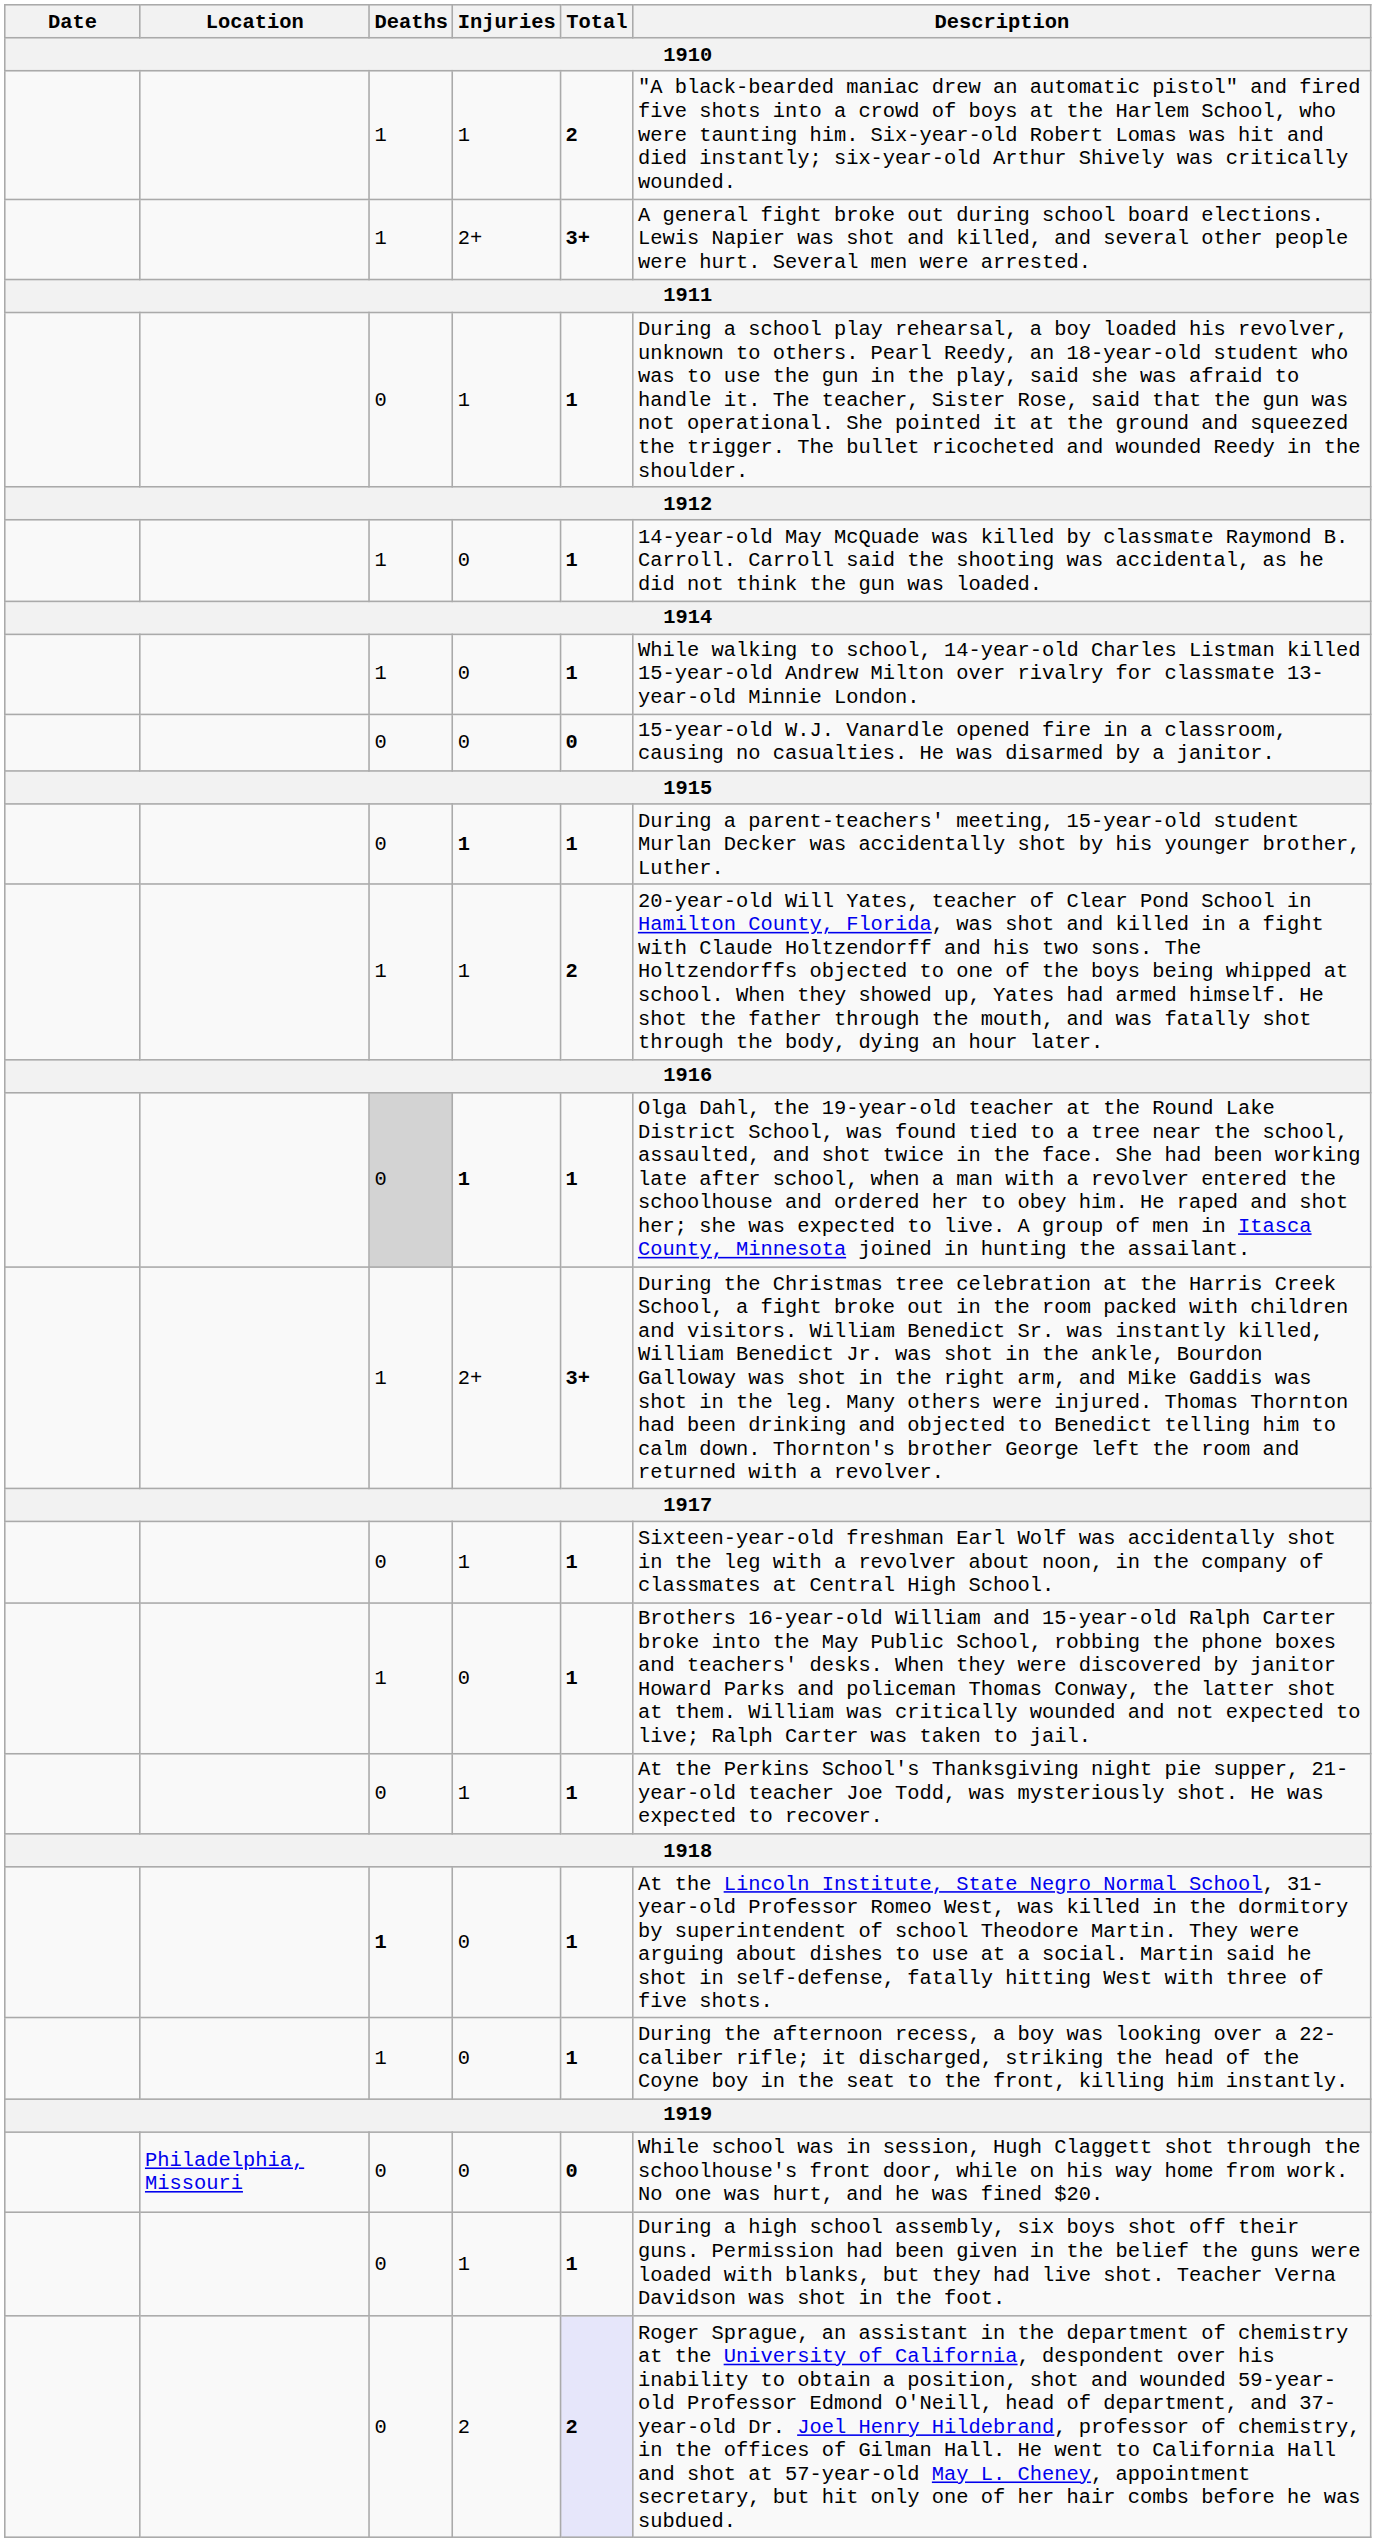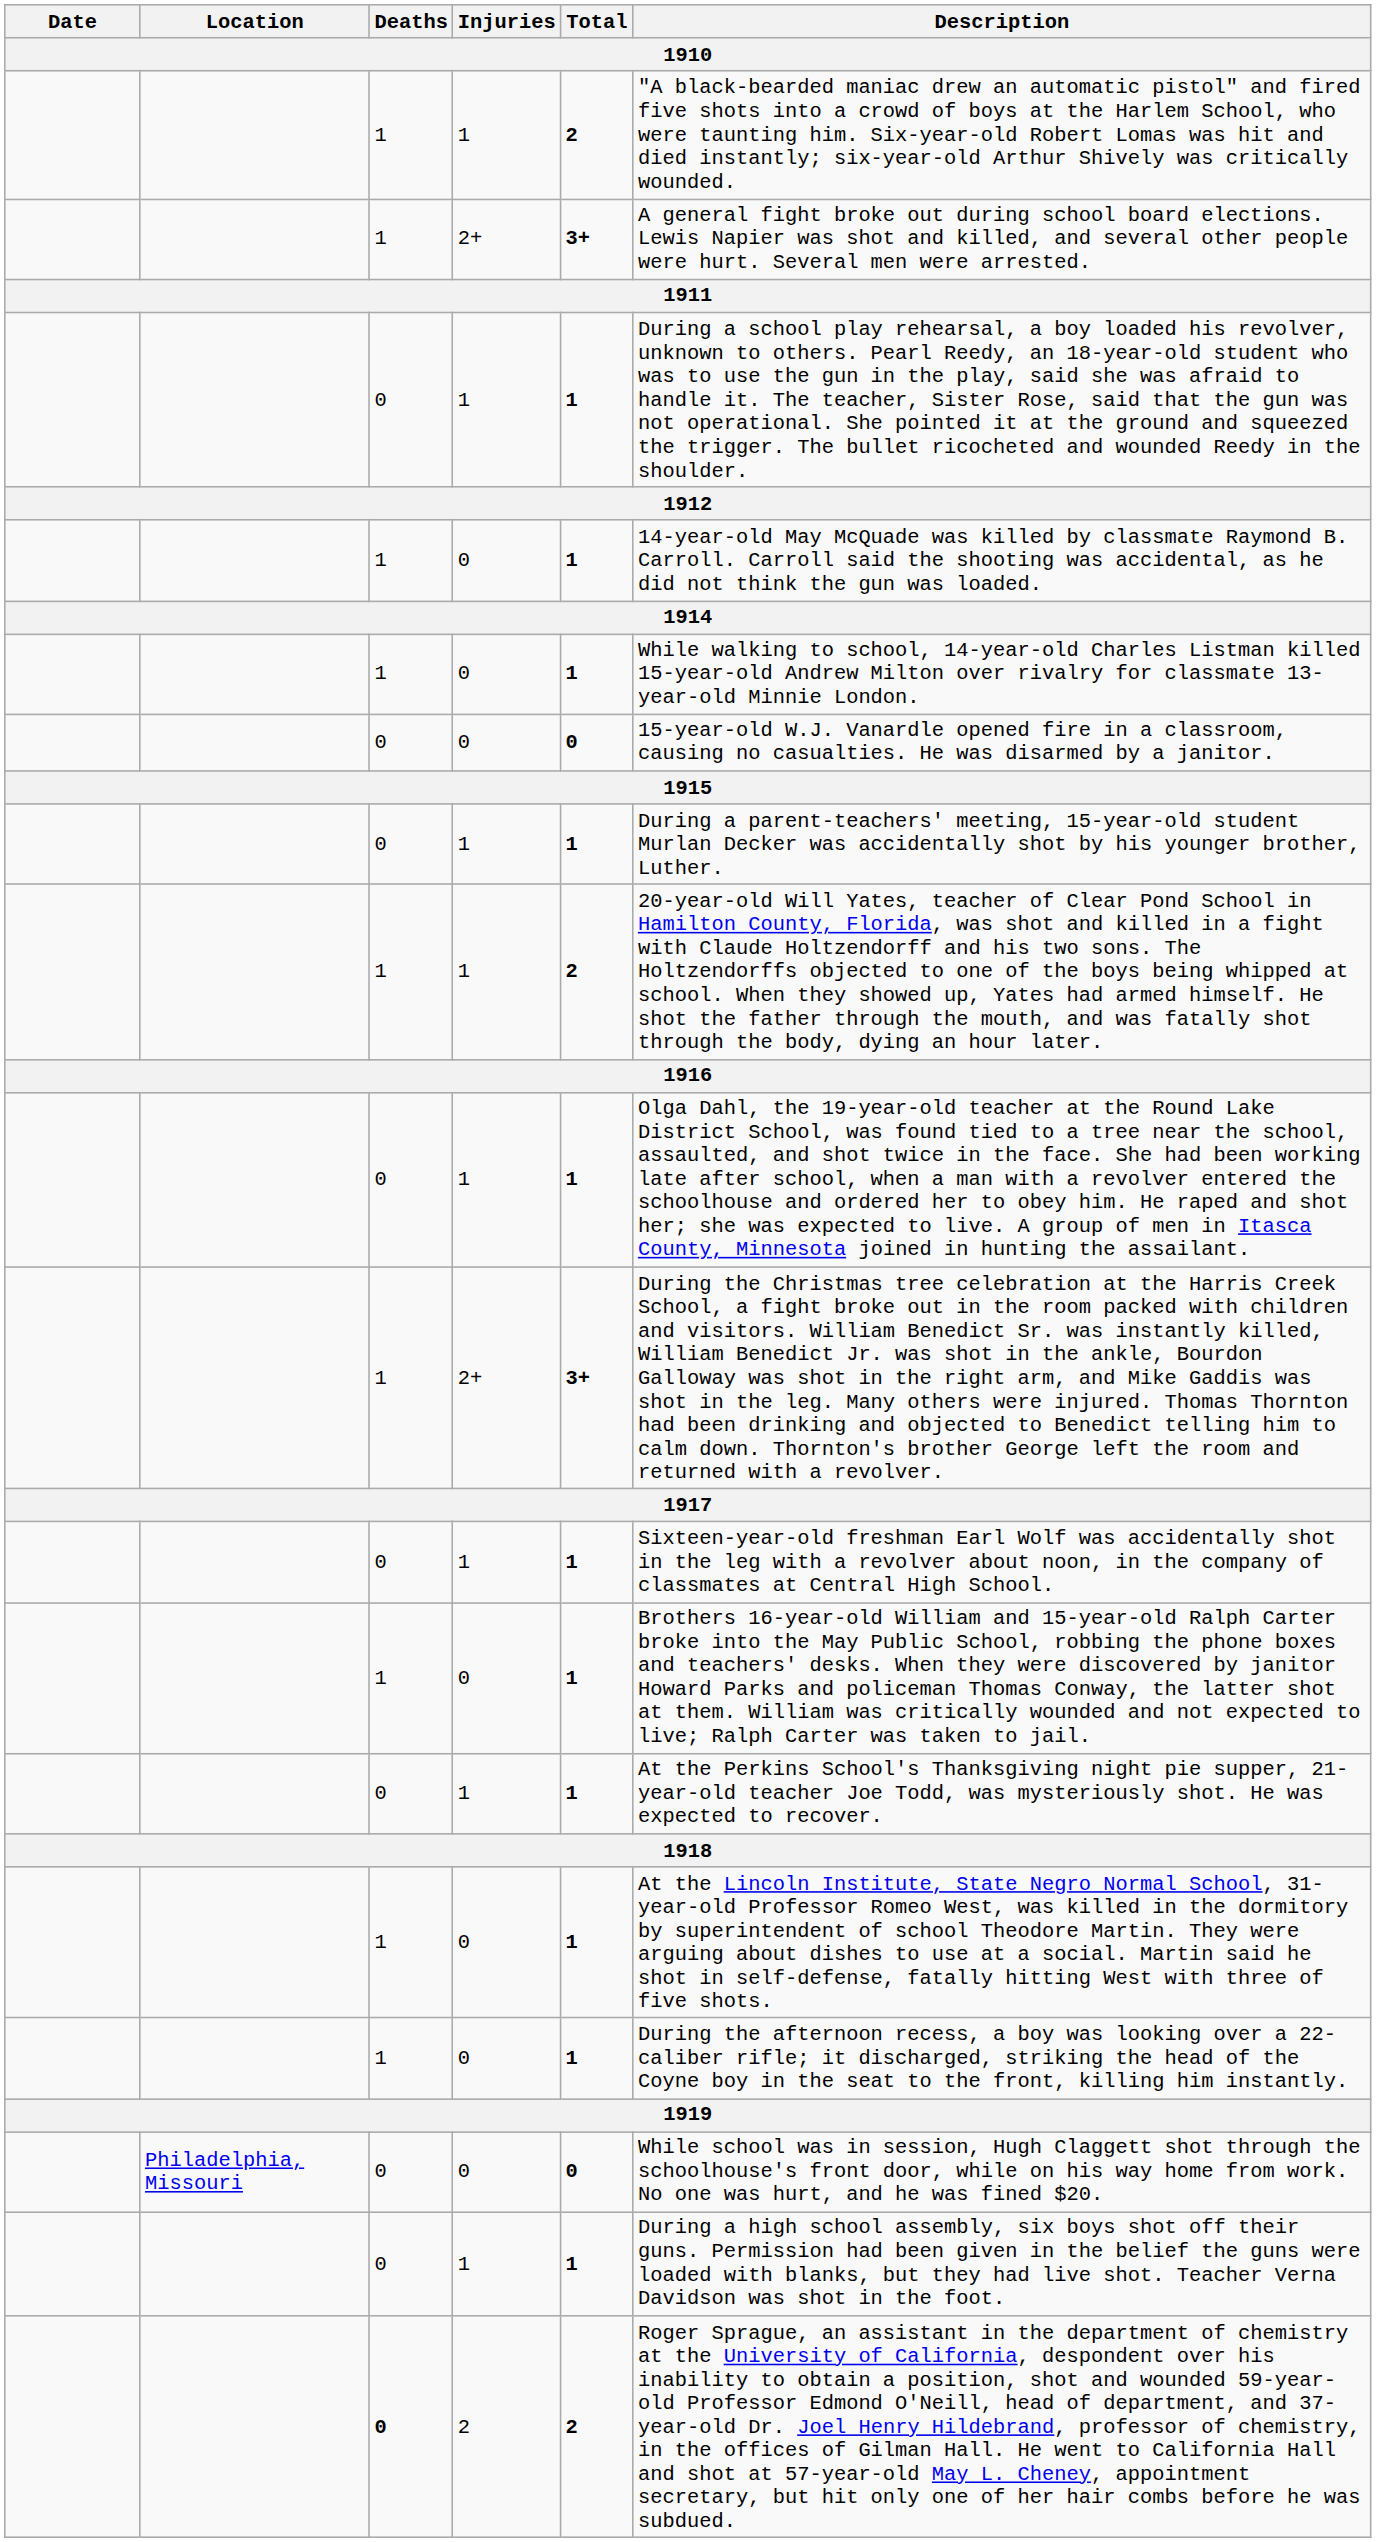 <table class="sortable wikitable" style="font-size:100%;" id="1910s">
 <tr>
 <th style="width:80px;">Date</th>
 <th style="width:140px;">Location</th>
 <th style="width:40px;">Deaths</th>
 <th style="width:40px;">Injuries</th>
 <th style="width:40px;">Total</th>
 <th class="unsortable">Description</th>
 </tr>
 <tr>
 <th colspan="6">1910 </th>
 </tr>
 <tr>
 <td></td>
 <td></td>
 <td>1</td>
 <td>1</td>
 <td><strong>2</strong></td>
 <td>"A black-bearded maniac drew an automatic pistol" and fired five shots into a crowd of boys at the Harlem School, who were taunting him. Six-year-old Robert Lomas was hit and died instantly; six-year-old Arthur Shively was critically wounded.</td>
 </tr>
 <tr>
 <td></td>
 <td></td>
 <td>1</td>
 <td data-sort-value="2">2+</td>
 <td><strong>3+</strong></td>
 <td>A general fight broke out during school board elections. Lewis Napier was shot and killed, and several other people were hurt. Several men were arrested.</td>
 </tr>
 <tr>
 <th colspan="6">1911 </th>
 </tr>
 <tr>
 <td></td>
 <td></td>
 <td>0</td>
 <td>1</td>
 <td><strong>1</strong></td>
 <td>During a school play rehearsal, a boy loaded his revolver, unknown to others. Pearl Reedy, an 18-year-old student who was to use the gun in the play, said she was afraid to handle it. The teacher, Sister Rose, said that the gun was not operational. She pointed it at the ground and squeezed the trigger. The bullet ricocheted and wounded Reedy in the shoulder.</td>
 </tr>
 <tr>
 <th colspan="6">1912 </th>
 </tr>
 <tr>
 <td></td>
 <td></td>
 <td>1</td>
 <td>0</td>
 <td><strong>1</strong></td>
 <td>14-year-old May McQuade was killed by classmate Raymond B. Carroll. Carroll said the shooting was accidental, as he did not think the gun was loaded.</td>
 </tr>
 <tr>
 <th colspan="6">1914 </th>
 </tr>
 <tr>
 <td></td>
 <td></td>
 <td>1</td>
 <td>0</td>
 <td><strong>1</strong></td>
 <td>While walking to school, 14-year-old Charles Listman killed 15-year-old Andrew Milton over rivalry for classmate 13-year-old Minnie London.</td>
 </tr>
 <tr>
 <td></td>
 <td></td>
 <td>0</td>
 <td>0</td>
 <td><strong>0</strong></td>
 <td>15-year-old W.J. Vanardle opened fire in a classroom, causing no casualties. He was disarmed by a janitor.</td>
 </tr>
 <tr>
 <th colspan="6">1915 </th>
 </tr>
 <tr>
 <td></td>
 <td></td>
 <td>0</td>
-<td><strong>1</strong></td>
+<td>1</td>
 <td><strong>1</strong></td>
 <td>During a parent-teachers' meeting, 15-year-old student Murlan Decker was accidentally shot by his younger brother, Luther.</td>
 </tr>
 <tr>
 <td></td>
 <td></td>
 <td>1</td>
 <td>1</td>
 <td><strong>2</strong></td>
 <td>20-year-old Will Yates, teacher of Clear Pond School in <a href='#'>Hamilton County, Florida</a>, was shot and killed in a fight with Claude Holtzendorff and his two sons. The Holtzendorffs objected to one of the boys being whipped at school. When they showed up, Yates had armed himself. He shot the father through the mouth, and was fatally shot through the body, dying an hour later.</td>
 </tr>
 <tr>
 <th colspan="6">1916 </th>
 </tr>
 <tr>
 <td></td>
 <td></td>
-<td style="background: lightgrey;">0</td>
-<td><strong>1</strong></td>
+<td>0</td>
+<td>1</td>
 <td><strong>1</strong></td>
 <td>Olga Dahl, the 19-year-old teacher at the Round Lake District School, was found tied to a tree near the school, assaulted, and shot twice in the face. She had been working late after school, when a man with a revolver entered the schoolhouse and ordered her to obey him. He raped and shot her; she was expected to live. A group of men in <a href='#'>Itasca County, Minnesota</a> joined in hunting the assailant.</td>
 </tr>
 <tr>
 <td></td>
 <td></td>
 <td>1</td>
 <td data-sort-value="2">2+</td>
 <td><strong>3+</strong></td>
 <td>During the Christmas tree celebration at the Harris Creek School, a fight broke out in the room packed with children and visitors. William Benedict Sr. was instantly killed, William Benedict Jr. was shot in the ankle, Bourdon Galloway was shot in the right arm, and Mike Gaddis was shot in the leg. Many others were injured. Thomas Thornton had been drinking and objected to Benedict telling him to calm down. Thornton's brother George left the room and returned with a revolver.</td>
 </tr>
 <tr>
 <th colspan="6">1917 </th>
 </tr>
 <tr>
 <td></td>
 <td></td>
 <td>0</td>
 <td>1</td>
 <td><strong>1</strong></td>
 <td>Sixteen-year-old freshman Earl Wolf was accidentally shot in the leg with a revolver about noon, in the company of classmates at Central High School.</td>
 </tr>
 <tr>
 <td></td>
 <td></td>
 <td>1</td>
 <td>0</td>
 <td><strong>1</strong></td>
 <td>Brothers 16-year-old William and 15-year-old Ralph Carter broke into the May Public School, robbing the phone boxes and teachers' desks. When they were discovered by janitor Howard Parks and policeman Thomas Conway, the latter shot at them. William was critically wounded and not expected to live; Ralph Carter was taken to jail.</td>
 </tr>
 <tr>
 <td></td>
 <td></td>
 <td>0</td>
 <td>1</td>
 <td><strong>1</strong></td>
 <td>At the Perkins School's Thanksgiving night pie supper, 21-year-old teacher Joe Todd, was mysteriously shot. He was expected to recover.</td>
 </tr>
 <tr>
 <th colspan="6">1918 </th>
 </tr>
 <tr>
 <td></td>
 <td></td>
-<td><strong>1</strong></td>
+<td>1</td>
 <td>0</td>
 <td><strong>1</strong></td>
 <td>At the <a href='#'>Lincoln Institute, State Negro Normal School</a>, 31-year-old Professor Romeo West, was killed in the dormitory by superintendent of school Theodore Martin. They were arguing about dishes to use at a social. Martin said he shot in self-defense, fatally hitting West with three of five shots.</td>
 </tr>
 <tr>
 <td></td>
 <td></td>
 <td>1</td>
 <td>0</td>
 <td><strong>1</strong></td>
 <td>During the afternoon recess, a boy was looking over a 22-caliber rifle; it discharged, striking the head of the Coyne boy in the seat to the front, killing him instantly.</td>
 </tr>
 <tr>
 <th colspan="6">1919 </th>
 </tr>
 <tr>
 <td></td>
 <td><a href='#'>Philadelphia, Missouri</a></td>
 <td>0</td>
 <td>0</td>
 <td><strong>0</strong></td>
 <td>While school was in session, Hugh Claggett shot through the schoolhouse's front door, while on his way home from work. No one was hurt, and he was fined $20.</td>
 </tr>
 <tr>
 <td></td>
 <td></td>
 <td>0</td>
 <td>1</td>
 <td><strong>1</strong></td>
 <td>During a high school assembly, six boys shot off their guns. Permission had been given in the belief the guns were loaded with blanks, but they had live shot. Teacher Verna Davidson was shot in the foot.</td>
 </tr>
 <tr>
 <td></td>
 <td></td>
-<td>0</td>
+<td><strong>0</strong></td>
 <td>2</td>
-<td style="background: lavender;"><strong>2</strong></td>
+<td><strong>2</strong></td>
 <td>Roger Sprague, an assistant in the department of chemistry at the <a href='#'>University of California</a>, despondent over his inability to obtain a position, shot and wounded 59-year-old Professor Edmond O'Neill, head of department, and 37-year-old Dr. <a href='#'>Joel Henry Hildebrand</a>, professor of chemistry, in the offices of Gilman Hall. He went to California Hall and shot at 57-year-old <a href='#'>May L. Cheney</a>, appointment secretary, but hit only one of her hair combs before he was subdued.</td>
 </tr>
 </table>
